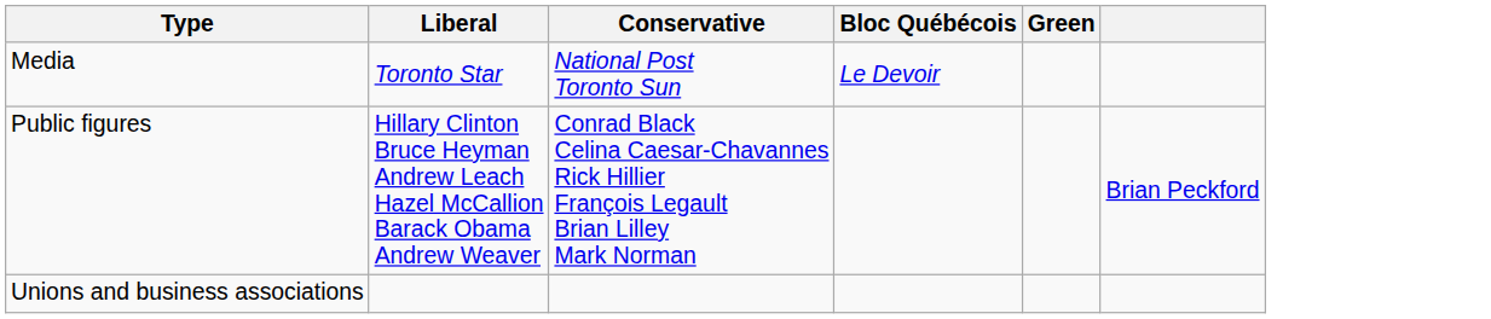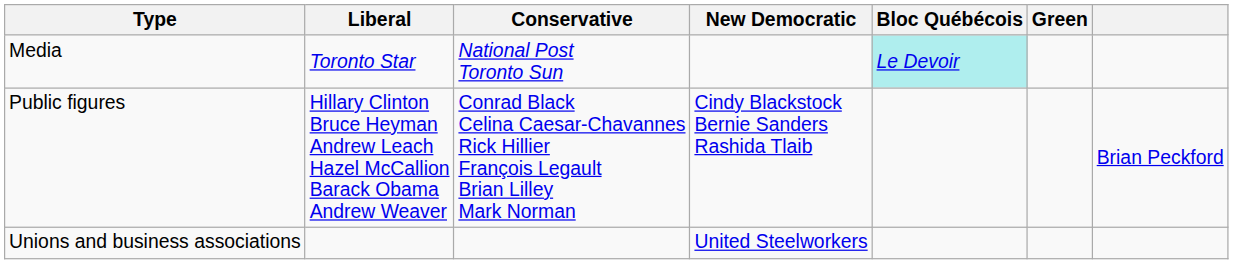 <table class="wikitable">
 <tr>
 <th>Type</th>
 <th style="background-color:">Liberal</th>
 <th style="background-color:">Conservative</th>
+<th style="background-color:">New Democratic</th>
 <th style="background-color:">Bloc Québécois</th>
 <th style="background-color:">Green</th>
 <th style="background-color:"></th>
 </tr>
 <tr>
 <td valign="top">Media</td>
 <td><em><a href='#'>Toronto Star</a></em></td>
 <td><em><a href='#'>National Post</a></em><br><em><a href='#'>Toronto Sun</a></em></td>
-<td><em><a href='#'>Le Devoir</a></em></td>
+<td></td>
+<td style="background: paleturquoise;"><em><a href='#'>Le Devoir</a></em></td>
 <td></td>
 <td></td>
 </tr>
 <tr>
 <td valign="top">Public figures</td>
 <td valign="top"><a href='#'>Hillary Clinton</a><br><a href='#'>Bruce Heyman</a><br><a href='#'>Andrew Leach</a><br><a href='#'>Hazel McCallion</a><br><a href='#'>Barack Obama</a><br><a href='#'>Andrew Weaver</a></td>
 <td valign="top"><a href='#'>Conrad Black</a><br><a href='#'>Celina Caesar-Chavannes</a><br><a href='#'>Rick Hillier</a><br><a href='#'>François Legault</a><br><a href='#'>Brian Lilley</a><br><a href='#'>Mark Norman</a></td>
+<td valign="top"><a href='#'>Cindy Blackstock</a><br><a href='#'>Bernie Sanders</a><br><a href='#'>Rashida Tlaib</a></td>
 <td></td>
 <td></td>
 <td><a href='#'>Brian Peckford</a></td>
 </tr>
 <tr>
 <td valign="top">Unions and business associations</td>
 <td></td>
 <td></td>
+<td><a href='#'>United Steelworkers</a></td>
 <td></td>
 <td></td>
 <td></td>
 </tr>
 </table>
